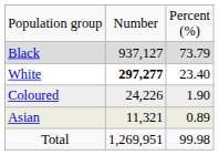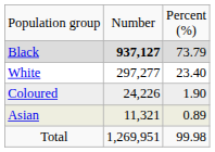 <table class="wikitable">
 <tr style="text-align:center">
 <td>Population group</td>
 <td>Number</td>
 <td>Percent<br>(%)</td>
 </tr>
 <tr style="text-align:right; background:gainsboro;">
 <td style="text-align:left;"><a href='#'>Black</a></td>
-<td>937,127</td>
+<td><strong>937,127</strong></td>
 <td>73.79</td>
 </tr>
 <tr style="text-align:right; background:white;">
 <td style="text-align:left; "><a href='#'>White</a></td>
-<td><strong>297,277</strong></td>
+<td>297,277</td>
 <td>23.40</td>
 </tr>
 <tr style="text-align:right; background:#eee;">
 <td style="text-align:left;"><a href='#'>Coloured</a></td>
 <td>24,226</td>
 <td>1.90</td>
 </tr>
 <tr style="text-align:right; background:#EEEEE0">
 <td style="text-align:left; "><a href='#'>Asian</a></td>
 <td>11,321</td>
 <td>0.89</td>
 </tr>
 <tr style="text-align:right; ">
 <td style="text-align:center;">Total</td>
 <td>1,269,951</td>
 <td>99.98</td>
 </tr>
 </table>
